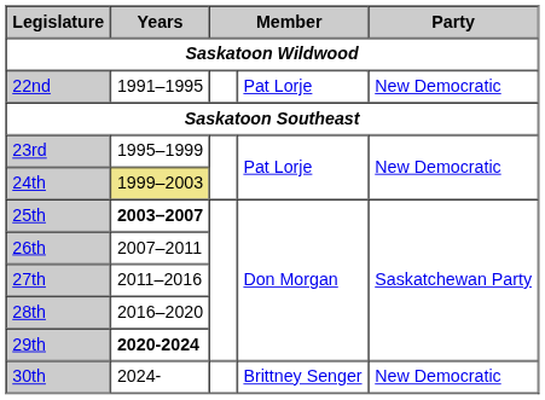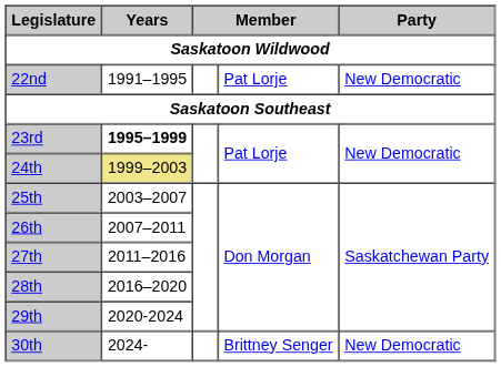 <table border=1 cellpadding=5 cellspacing=0>
 <tr bgcolor="CCCCCC">
 <th>Legislature</th>
 <th>Years</th>
 <th colspan="2">Member</th>
 <th>Party</th>
 </tr>
 <tr>
 <td colspan="5" align="center"><strong><em>Saskatoon Wildwood</em></strong></td>
 </tr>
 <tr>
 <td bgcolor="CCCCCC"><a href='#'>22nd</a></td>
 <td>1991–1995</td>
 <td>   </td>
 <td><a href='#'>Pat Lorje</a></td>
 <td><a href='#'>New Democratic</a></td>
 </tr>
 <tr>
 <td colspan="5" align="center"><strong><em>Saskatoon Southeast</em></strong></td>
 </tr>
 <tr>
 <td bgcolor="CCCCCC"><a href='#'>23rd</a></td>
-<td>1995–1999</td>
+<td><strong>1995–1999</strong></td>
 <td rowspan="2" >   </td>
 <td rowspan="2"><a href='#'>Pat Lorje</a></td>
 <td rowspan="2"><a href='#'>New Democratic</a></td>
 </tr>
 <tr>
 <td bgcolor="CCCCCC"><a href='#'>24th</a></td>
 <td style="background: khaki;">1999–2003</td>
 </tr>
 <tr>
 <td bgcolor="CCCCCC"><a href='#'>25th</a></td>
-<td><strong>2003–2007</strong></td>
+<td>2003–2007</td>
 <td rowspan="5" >   </td>
 <td rowspan="5"><a href='#'>Don Morgan</a></td>
 <td rowspan="5"><a href='#'>Saskatchewan Party</a></td>
 </tr>
 <tr>
 <td bgcolor="CCCCCC"><a href='#'>26th</a></td>
 <td>2007–2011</td>
 </tr>
 <tr>
 <td bgcolor="CCCCCC"><a href='#'>27th</a></td>
 <td>2011–2016</td>
 </tr>
 <tr>
 <td bgcolor="CCCCCC"><a href='#'>28th</a></td>
 <td>2016–2020</td>
 </tr>
 <tr>
 <td bgcolor="CCCCCC"><a href='#'>29th</a></td>
-<td><strong>2020-2024</strong></td>
+<td>2020-2024</td>
 </tr>
 <tr>
 <td bgcolor="CCCCCC"><a href='#'>30th</a></td>
 <td>2024-</td>
 <td>   </td>
 <td><a href='#'>Brittney Senger</a></td>
 <td><a href='#'>New Democratic</a></td>
 </tr>
 </table>
